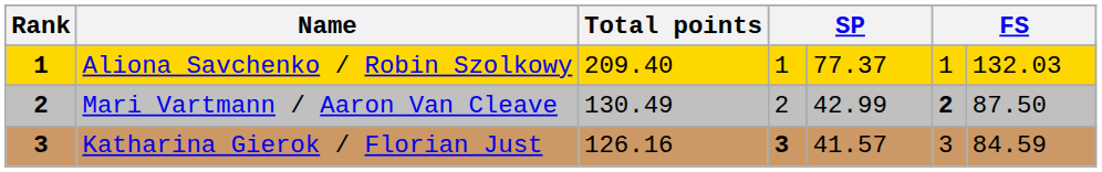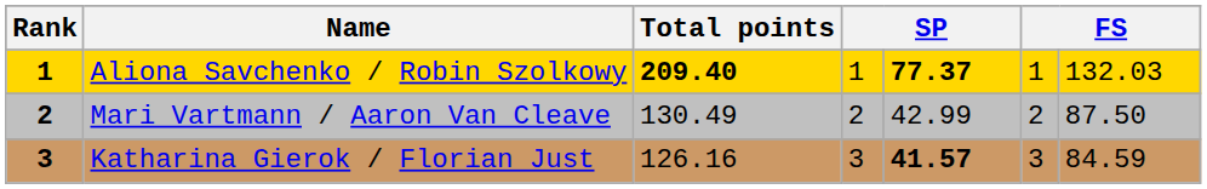 <table class="wikitable sortable">
 <tr>
 <th>Rank</th>
 <th>Name</th>
 <th>Total points</th>
 <th colspan="2" width="80px"><a href='#'>SP</a></th>
 <th colspan="2" width="80px"><a href='#'>FS</a></th>
 </tr>
 <tr bgcolor="gold">
 <td align="center"><strong>1</strong></td>
 <td><a href='#'>Aliona Savchenko</a> / <a href='#'>Robin Szolkowy</a></td>
-<td>209.40</td>
+<td><strong>209.40</strong></td>
 <td>1</td>
-<td>77.37</td>
+<td><strong>77.37</strong></td>
 <td>1</td>
 <td>132.03</td>
 </tr>
 <tr bgcolor="silver">
 <td align="center"><strong>2</strong></td>
 <td><a href='#'>Mari Vartmann</a> / <a href='#'>Aaron Van Cleave</a></td>
 <td>130.49</td>
 <td>2</td>
 <td>42.99</td>
-<td><strong>2</strong></td>
+<td>2</td>
 <td>87.50</td>
 </tr>
 <tr bgcolor="cc9966">
 <td align="center"><strong>3</strong></td>
 <td><a href='#'>Katharina Gierok</a> / <a href='#'>Florian Just</a></td>
 <td>126.16</td>
-<td><strong>3</strong></td>
-<td>41.57</td>
+<td>3</td>
+<td><strong>41.57</strong></td>
 <td>3</td>
 <td>84.59</td>
 </tr>
 </table>
